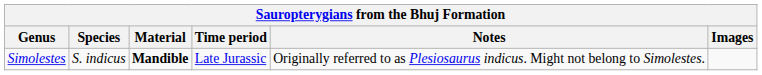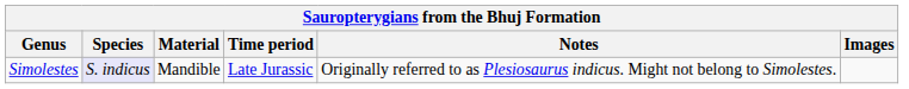 <table class="wikitable" align="center">
 <tr>
 <th colspan="7" align="center"><strong><a href='#'>Sauropterygians</a> from the Bhuj Formation</strong></th>
 </tr>
 <tr>
 <th>Genus</th>
 <th>Species</th>
 <th>Material</th>
 <th>Time period</th>
 <th>Notes</th>
 <th>Images</th>
 </tr>
 <tr>
 <td><em><a href='#'>Simolestes</a></em></td>
-<td><em>S. indicus</em></td>
-<td><strong>Mandible</strong></td>
+<td style="background: lavender;"><em>S. indicus</em></td>
+<td>Mandible</td>
 <td><a href='#'>Late Jurassic</a></td>
 <td>Originally referred to as <em><a href='#'>Plesiosaurus</a> indicus</em>. Might not belong to <em>Simolestes</em>.</td>
 <td></td>
 </tr>
 </table>
